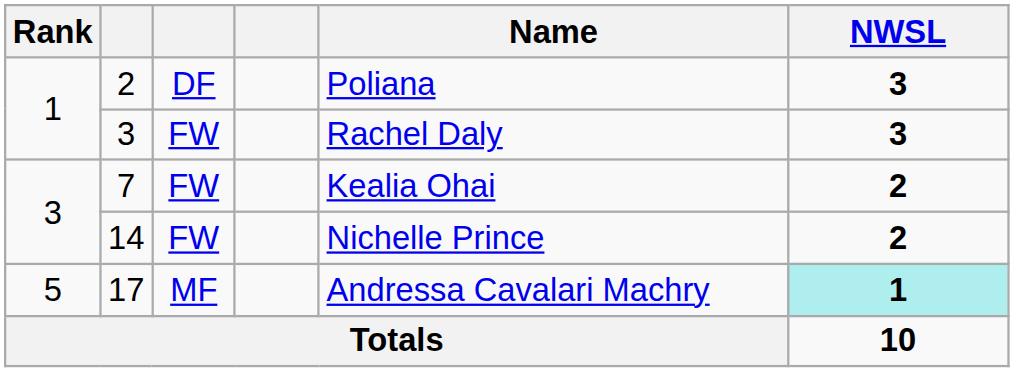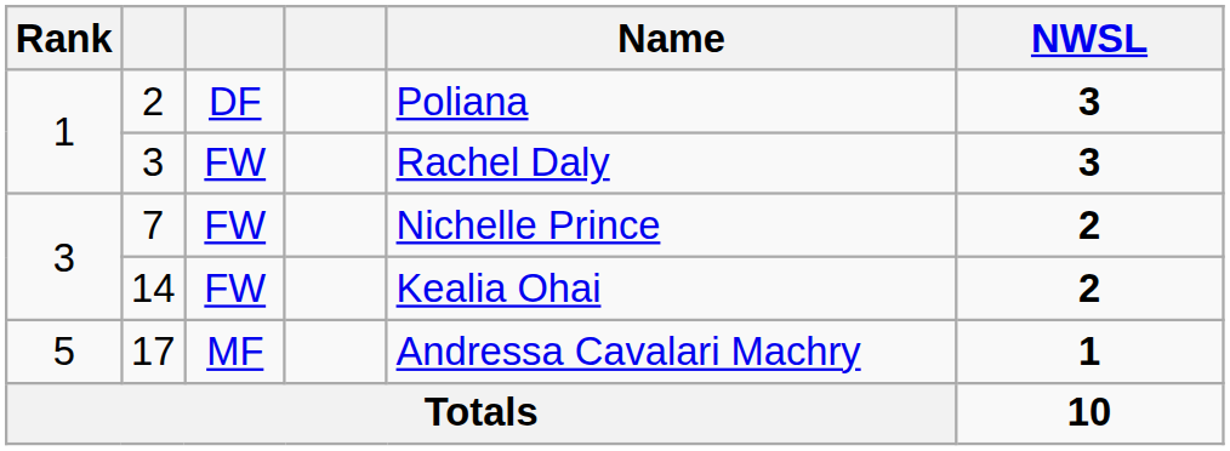 <table class="wikitable" style="text-align: center; font-size:90%">
 <tr>
 <th style="background:#f2f2f2; text-align:center;" width="30px">Rank</th>
 <th style="background:#f2f2f2; text-align:center;" width="15px"></th>
 <th style="background:#f2f2f2; text-align:center;" width="30px"></th>
 <th style="background:#f2f2f2; text-align:center;" width="30px"></th>
 <th style="background:#f2f2f2; text-align:center;" width="200px">Name</th>
 <th style="background:#f2f2f2; text-align:center;" width="90px"><a href='#'>NWSL</a></th>
 </tr>
 <tr>
 <td rowspan=2>1</td>
 <td>2</td>
 <td><a href='#'>DF</a></td>
 <td></td>
 <td align=left><a href='#'>Poliana</a></td>
 <td><strong>3</strong></td>
 </tr>
 <tr>
 <td>3</td>
 <td><a href='#'>FW</a></td>
 <td></td>
 <td align=left><a href='#'>Rachel Daly</a></td>
 <td><strong>3</strong></td>
 </tr>
 <tr>
 <td rowspan=2>3</td>
 <td>7</td>
 <td><a href='#'>FW</a></td>
 <td></td>
-<td align=left><a href='#'>Kealia Ohai</a></td>
+<td align=left><a href='#'>Nichelle Prince</a></td>
 <td><strong>2</strong></td>
 </tr>
 <tr>
 <td>14</td>
 <td><a href='#'>FW</a></td>
 <td></td>
-<td align=left><a href='#'>Nichelle Prince</a></td>
+<td align=left><a href='#'>Kealia Ohai</a></td>
 <td><strong>2</strong></td>
 </tr>
 <tr>
 <td>5</td>
 <td>17</td>
 <td><a href='#'>MF</a></td>
 <td></td>
 <td align=left><a href='#'>Andressa Cavalari Machry</a></td>
-<td style="background: paleturquoise;"><strong>1</strong></td>
+<td><strong>1</strong></td>
 </tr>
 <tr>
 <th colspan=5><strong>Totals</strong></th>
 <td><strong>10</strong></td>
 </tr>
 </table>
